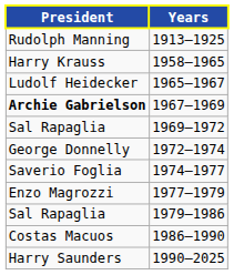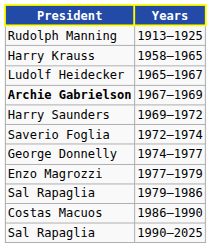 <table class="wikitable">
 <tr>
 <th style="background-color:#234aa6; color:#FFF; border:2px solid #ffff00;" scope="col">President</th>
 <th style="background-color:#234aa6; color:#FFF; border:2px solid #ffff00;" scope="col">Years</th>
 </tr>
 <tr>
 <td>Rudolph Manning</td>
 <td>1913–1925</td>
 </tr>
 <tr>
 <td>Harry Krauss</td>
 <td>1958–1965</td>
 </tr>
 <tr>
 <td>Ludolf Heidecker</td>
 <td>1965–1967</td>
 </tr>
 <tr>
 <td><strong>Archie Gabrielson</strong></td>
 <td>1967–1969</td>
 </tr>
 <tr>
-<td>Sal Rapaglia</td>
+<td>Harry Saunders</td>
 <td>1969–1972</td>
 </tr>
 <tr>
-<td>George Donnelly</td>
+<td>Saverio Foglia</td>
 <td>1972–1974</td>
 </tr>
 <tr>
-<td>Saverio Foglia</td>
+<td>George Donnelly</td>
 <td>1974–1977</td>
 </tr>
 <tr>
 <td>Enzo Magrozzi</td>
 <td>1977–1979</td>
 </tr>
 <tr>
 <td>Sal Rapaglia</td>
 <td>1979–1986</td>
 </tr>
 <tr>
 <td>Costas Macuos</td>
 <td>1986–1990</td>
 </tr>
 <tr>
-<td>Harry Saunders</td>
+<td>Sal Rapaglia</td>
 <td>1990–2025</td>
 </tr>
 </table>
